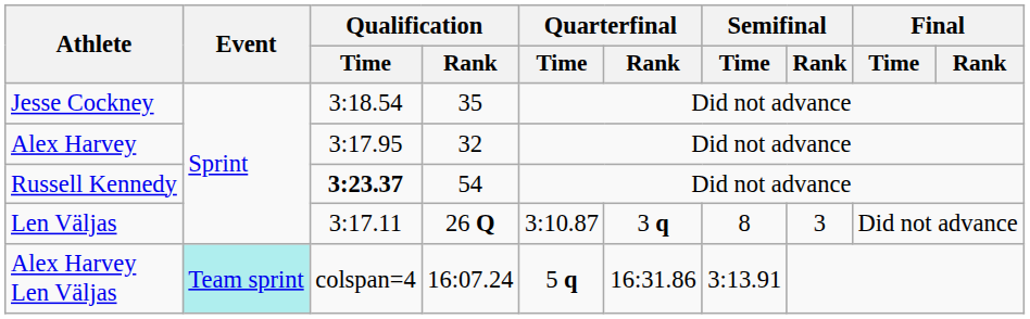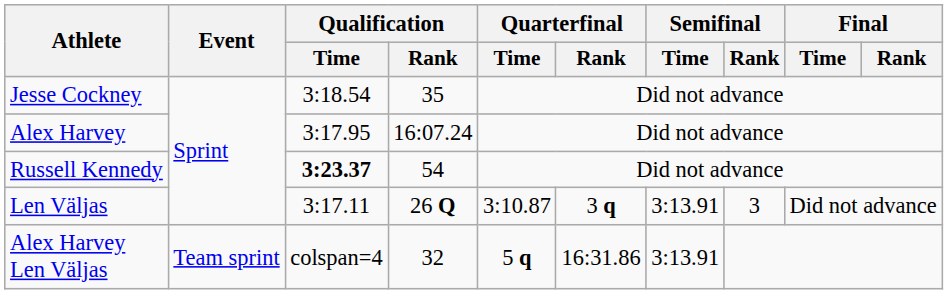 <table class="wikitable" style="font-size:90%">
 <tr>
 <th rowspan="2">Athlete</th>
 <th rowspan="2">Event</th>
 <th colspan="2">Qualification</th>
 <th colspan="2">Quarterfinal</th>
 <th colspan="2">Semifinal</th>
 <th colspan="2">Final</th>
 </tr>
 <tr style="font-size:95%">
 <th>Time</th>
 <th>Rank</th>
 <th>Time</th>
 <th>Rank</th>
 <th>Time</th>
 <th>Rank</th>
 <th>Time</th>
 <th>Rank</th>
 </tr>
 <tr align=center>
 <td align=left><a href='#'>Jesse Cockney</a></td>
 <td align=left rowspan=4><a href='#'>Sprint</a></td>
 <td>3:18.54</td>
 <td>35</td>
 <td colspan=6>Did not advance</td>
 </tr>
 <tr align=center>
 <td align=left><a href='#'>Alex Harvey</a></td>
 <td>3:17.95</td>
-<td>32</td>
+<td>16:07.24</td>
 <td colspan=6>Did not advance</td>
 </tr>
 <tr align=center>
 <td align=left><a href='#'>Russell Kennedy</a></td>
 <td><strong>3:23.37</strong></td>
 <td>54</td>
 <td colspan=6>Did not advance</td>
 </tr>
 <tr align=center>
 <td align=left><a href='#'>Len Väljas</a></td>
 <td>3:17.11</td>
 <td>26 <strong>Q</strong></td>
 <td>3:10.87</td>
 <td>3 <strong>q</strong></td>
-<td>8</td>
+<td>3:13.91</td>
 <td>3</td>
 <td colspan=2>Did not advance</td>
 </tr>
 <tr align=center>
 <td align=left><a href='#'>Alex Harvey</a><br><a href='#'>Len Väljas</a></td>
-<td align=left style="background: paleturquoise;"><a href='#'>Team sprint</a></td>
+<td align=left><a href='#'>Team sprint</a></td>
 <td>colspan=4 </td>
-<td>16:07.24</td>
+<td>32</td>
 <td>5 <strong>q</strong></td>
 <td>16:31.86</td>
 <td>3:13.91</td>
 </tr>
 </table>
